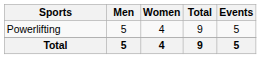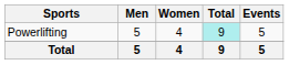 <table class="wikitable sortable" style="text-align:center;">
 <tr>
 <th width=150>Sports</th>
 <th width=45>Men</th>
 <th width=45>Women</th>
 <th width=45>Total</th>
 <th width=45>Events</th>
 </tr>
 <tr>
 <td align=left>Powerlifting</td>
 <td>5</td>
 <td>4</td>
-<td>9</td>
+<td style="background: paleturquoise;">9</td>
 <td>5</td>
 </tr>
 <tr>
 </tr>
 <tr class="sortbottom">
 <th>Total</th>
 <th>5</th>
 <th>4</th>
 <th>9</th>
 <th>5</th>
 </tr>
 </table>
